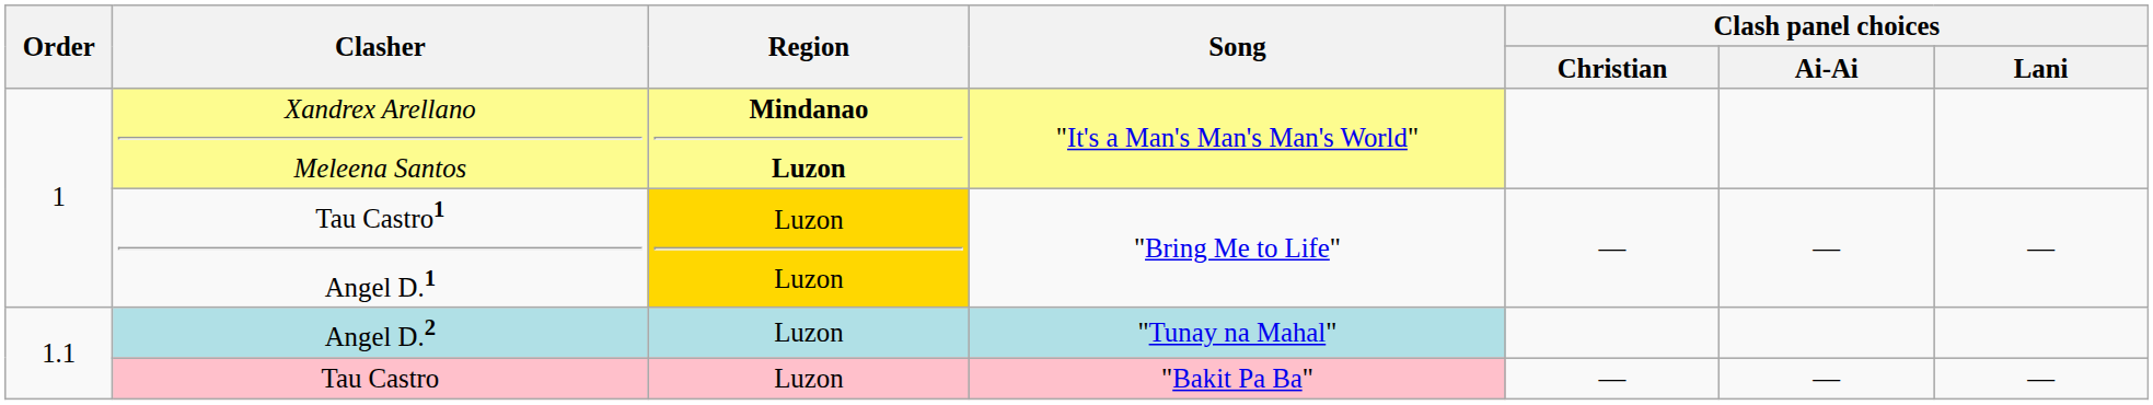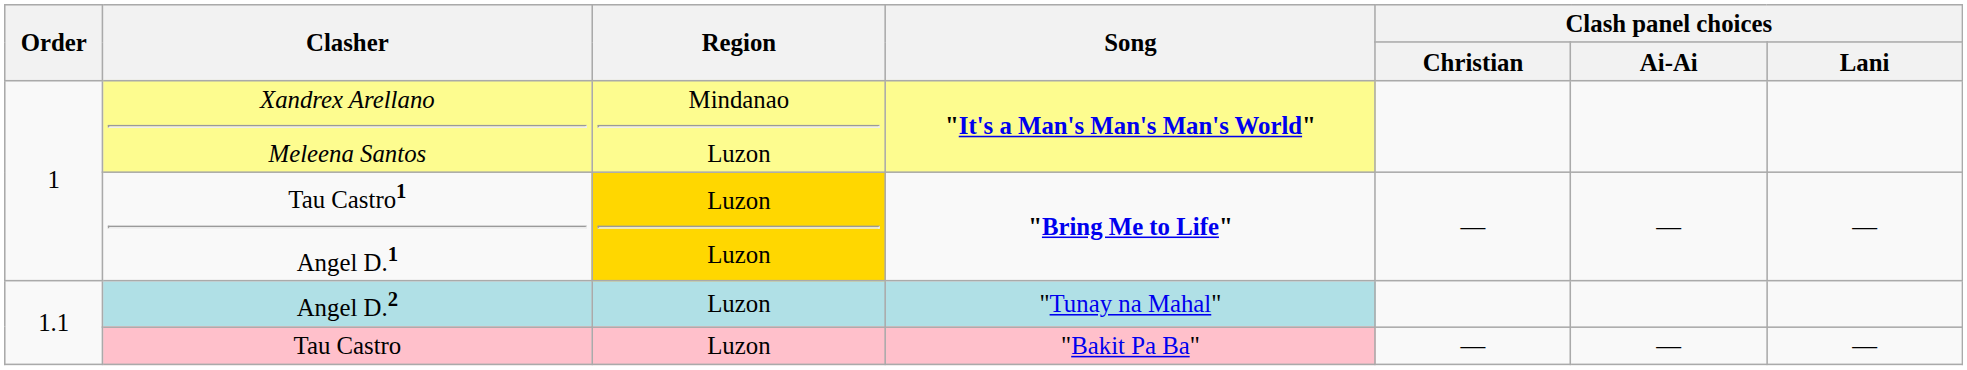 <table class="wikitable" style="text-align:center; line-height:17px; width:100%;">
 <tr>
 <th rowspan="2" width="5%">Order</th>
 <th rowspan="2" width="25%">Clasher</th>
 <th rowspan="2">Region</th>
 <th rowspan="2" width="25%">Song</th>
 <th colspan="3" width="30%">Clash panel choices</th>
 </tr>
 <tr>
 <th width="10%">Christian</th>
 <th width="10%">Ai-Ai</th>
 <th width="10%">Lani</th>
 </tr>
 <tr>
 <td rowspan="2">1</td>
 <td style="background:#fdfc8f;"><em>Xandrex Arellano</em><hr><em>Meleena Santos</em></td>
-<td style="background:#fdfc8f;"><strong>Mindanao<hr>Luzon</strong></td>
-<td style="background:#fdfc8f;">"<a href='#'>It's a Man's Man's Man's World</a>"</td>
+<td style="background:#fdfc8f;">Mindanao<hr>Luzon</td>
+<td style="background:#fdfc8f;"><strong>"<a href='#'>It's a Man's Man's Man's World</a>"</strong></td>
 <td><strong></strong></td>
 <td><strong></strong></td>
 <td><strong></strong></td>
 </tr>
 <tr>
 <td>Tau Castro<sup><strong>1</strong></sup><hr>Angel D.<sup><strong>1</strong></sup></td>
 <td style="background: gold;">Luzon<hr>Luzon</td>
-<td>"<a href='#'>Bring Me to Life</a>"</td>
+<td><strong>"<a href='#'>Bring Me to Life</a>"</strong></td>
 <td>—</td>
 <td>—</td>
 <td>—</td>
 </tr>
 <tr>
 <td rowspan="2">1.1</td>
 <td style="background:#b0e0e6;">Angel D.<sup><strong>2</strong></sup></td>
 <td style="background:#b0e0e6;">Luzon</td>
 <td style="background:#b0e0e6;">"<a href='#'>Tunay na Mahal</a>"</td>
 <td><strong></strong></td>
 <td><strong></strong></td>
 <td><strong></strong></td>
 </tr>
 <tr>
 <td style="background:pink;">Tau Castro</td>
 <td style="background:pink;">Luzon</td>
 <td style="background:pink;">"<a href='#'>Bakit Pa Ba</a>"</td>
 <td>—</td>
 <td>—</td>
 <td>—</td>
 </tr>
 </table>
